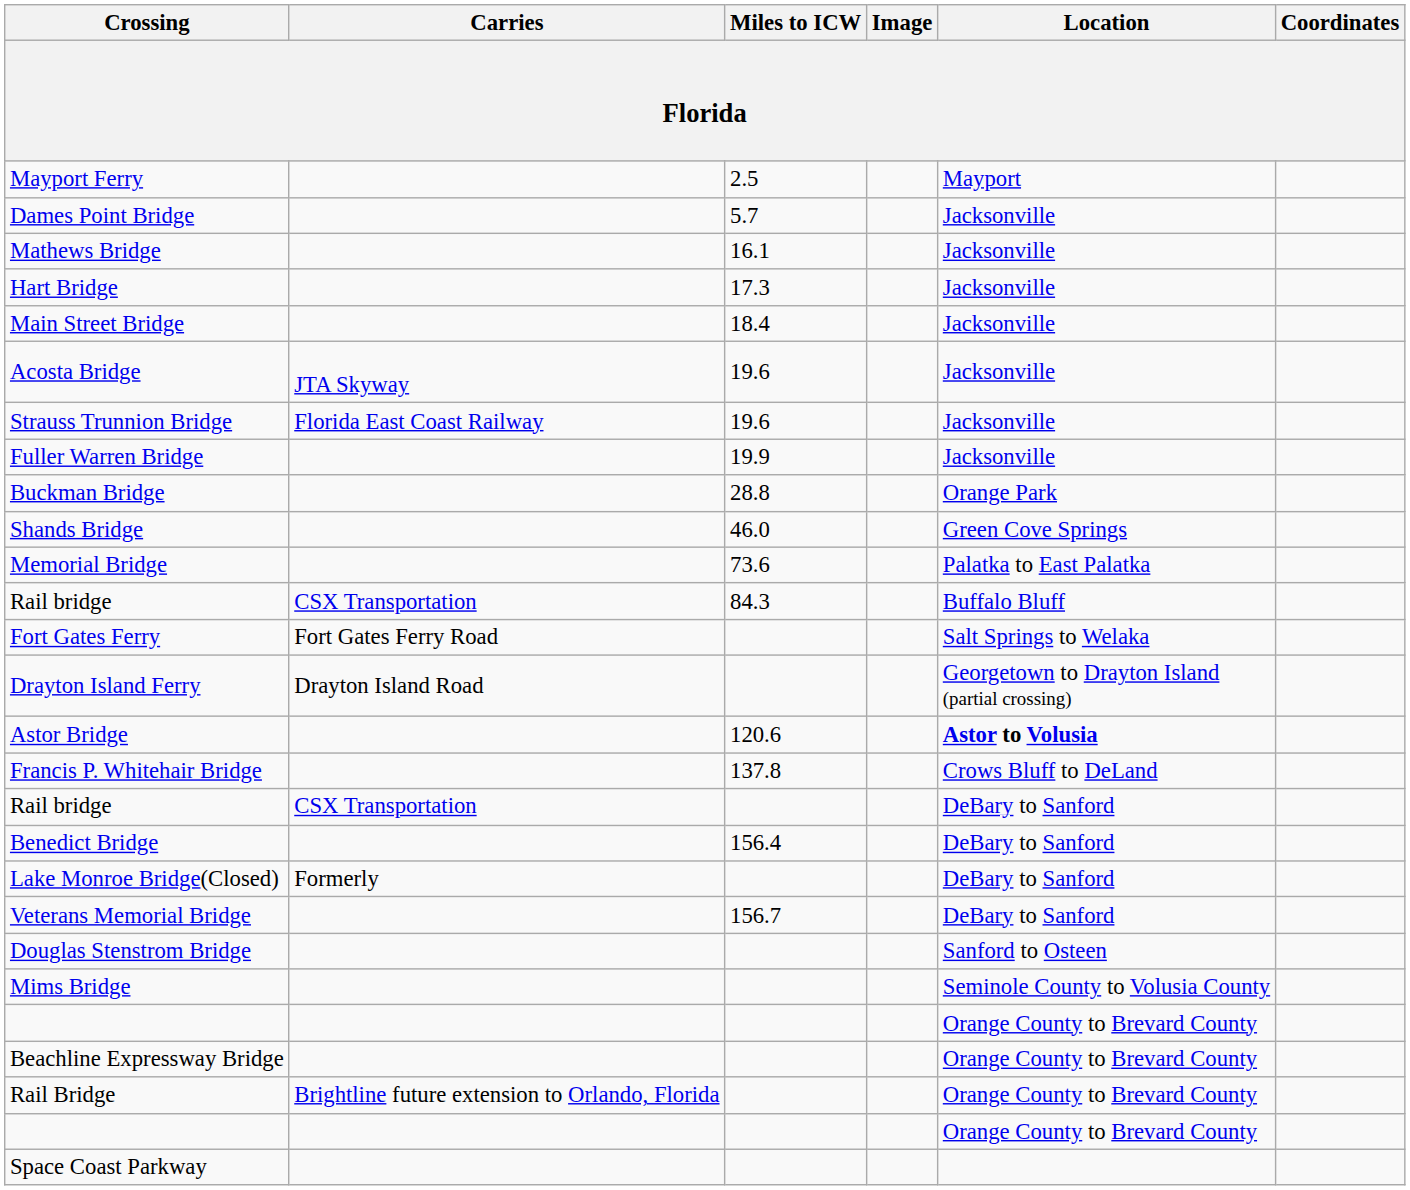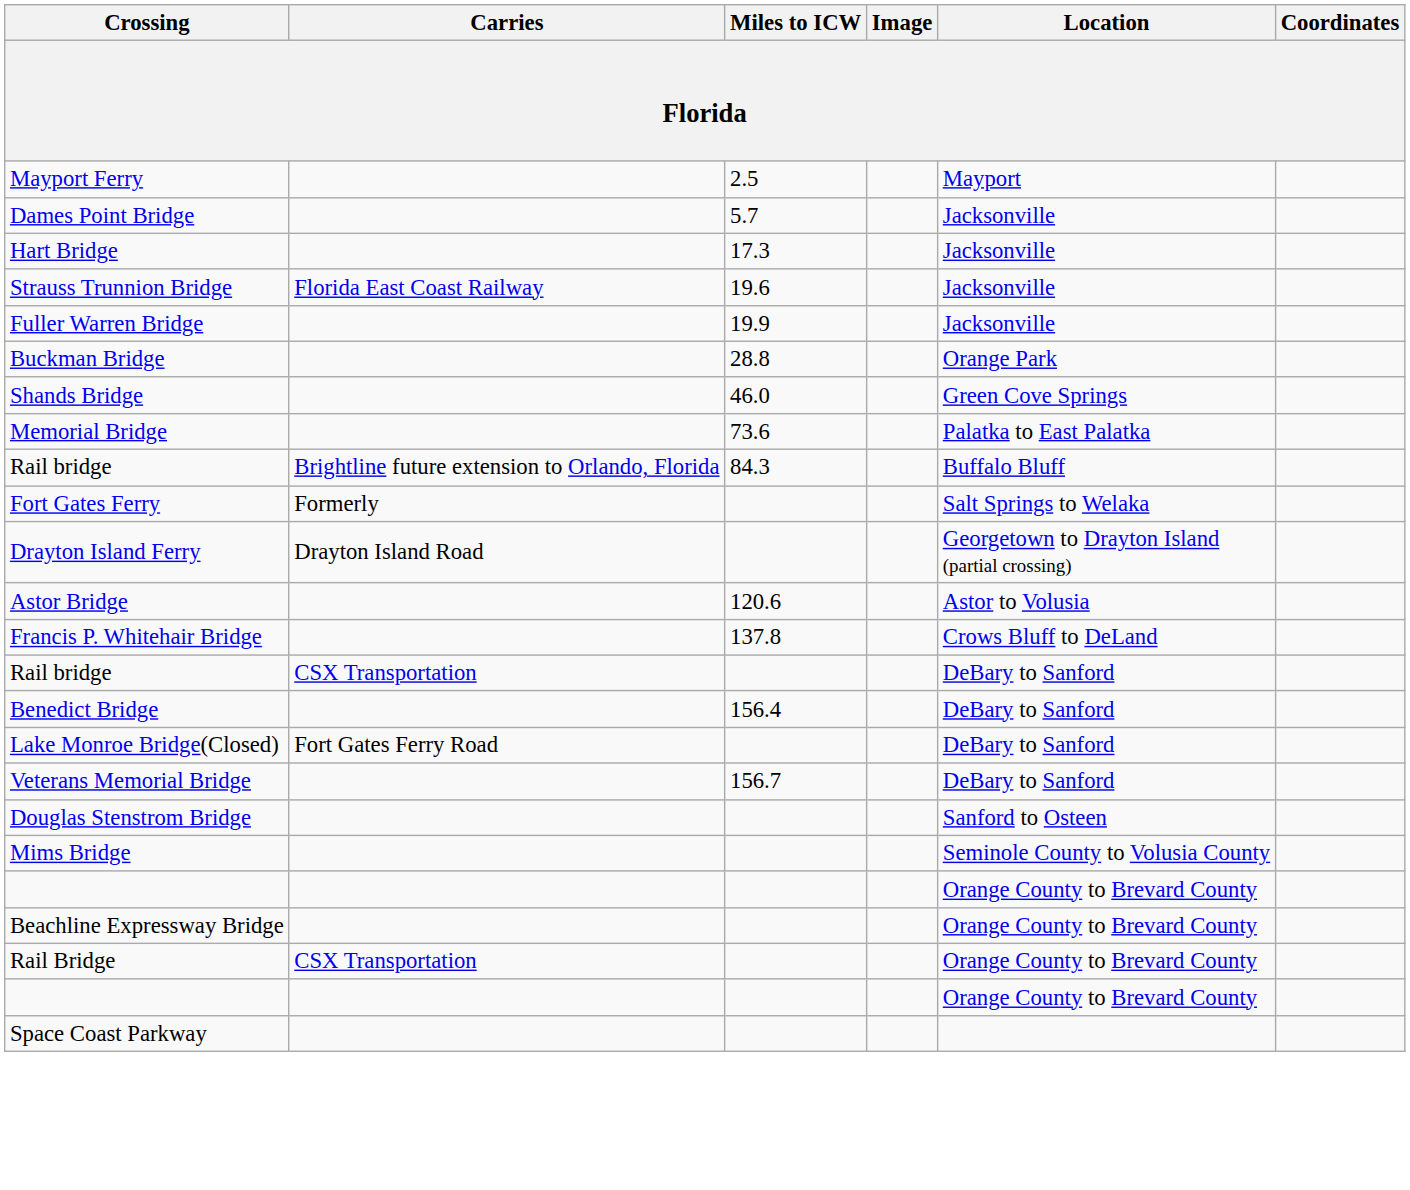 <table class=wikitable>
 <tr>
 <th>Crossing</th>
 <th>Carries</th>
 <th>Miles to ICW</th>
 <th>Image</th>
 <th>Location</th>
 <th>Coordinates</th>
 </tr>
 <tr>
 <th colspan=6><br><h3>Florida</h3></th>
 </tr>
 <tr>
 <td><a href='#'>Mayport Ferry</a></td>
 <td></td>
 <td>2.5</td>
 <td></td>
 <td><a href='#'>Mayport</a></td>
 <td></td>
 </tr>
 <tr>
 <td><a href='#'>Dames Point Bridge</a></td>
 <td></td>
 <td>5.7</td>
 <td></td>
 <td><a href='#'>Jacksonville</a></td>
 <td></td>
 </tr>
 <tr>
-<td><a href='#'>Mathews Bridge</a></td>
-<td></td>
-<td>16.1</td>
-<td></td>
-<td><a href='#'>Jacksonville</a></td>
-<td></td>
-</tr>
-<tr>
 <td><a href='#'>Hart Bridge</a></td>
 <td></td>
 <td>17.3</td>
-<td></td>
-<td><a href='#'>Jacksonville</a></td>
-<td></td>
-</tr>
-<tr>
-<td><a href='#'>Main Street Bridge</a></td>
-<td></td>
-<td>18.4</td>
-<td></td>
-<td><a href='#'>Jacksonville</a></td>
-<td></td>
-</tr>
-<tr>
-<td><a href='#'>Acosta Bridge</a></td>
-<td><br><a href='#'>JTA Skyway</a></td>
-<td>19.6</td>
 <td></td>
 <td><a href='#'>Jacksonville</a></td>
 <td></td>
 </tr>
 <tr>
 <td><a href='#'>Strauss Trunnion Bridge</a></td>
 <td><a href='#'>Florida East Coast Railway</a></td>
 <td>19.6</td>
 <td></td>
 <td><a href='#'>Jacksonville</a></td>
 <td></td>
 </tr>
 <tr>
 <td><a href='#'>Fuller Warren Bridge</a></td>
 <td></td>
 <td>19.9</td>
 <td></td>
 <td><a href='#'>Jacksonville</a></td>
 <td></td>
 </tr>
 <tr>
 <td><a href='#'>Buckman Bridge</a></td>
 <td></td>
 <td>28.8</td>
 <td></td>
 <td><a href='#'>Orange Park</a></td>
 <td></td>
 </tr>
 <tr>
 <td><a href='#'>Shands Bridge</a></td>
 <td></td>
 <td>46.0</td>
 <td></td>
 <td><a href='#'>Green Cove Springs</a></td>
 <td></td>
 </tr>
 <tr>
 <td><a href='#'>Memorial Bridge</a></td>
 <td></td>
 <td>73.6</td>
 <td></td>
 <td><a href='#'>Palatka</a> to <a href='#'>East Palatka</a></td>
 <td></td>
 </tr>
 <tr>
 <td>Rail bridge</td>
-<td><a href='#'>CSX Transportation</a></td>
+<td><a href='#'>Brightline</a> future extension to <a href='#'>Orlando, Florida</a></td>
 <td>84.3</td>
 <td></td>
 <td><a href='#'>Buffalo Bluff</a></td>
 <td></td>
 </tr>
 <tr>
 <td><a href='#'>Fort Gates Ferry</a></td>
-<td>Fort Gates Ferry Road</td>
+<td>Formerly </td>
 <td></td>
 <td></td>
 <td><a href='#'>Salt Springs</a> to <a href='#'>Welaka</a></td>
 <td></td>
 </tr>
 <tr>
 <td><a href='#'>Drayton Island Ferry</a></td>
 <td>Drayton Island Road</td>
 <td></td>
 <td></td>
 <td><a href='#'>Georgetown</a> to <a href='#'>Drayton Island</a><br><small>(partial crossing)</small></td>
 <td></td>
 </tr>
 <tr>
 <td><a href='#'>Astor Bridge</a></td>
 <td></td>
 <td>120.6</td>
 <td></td>
-<td><strong><a href='#'>Astor</a> to <a href='#'>Volusia</a></strong></td>
+<td><a href='#'>Astor</a> to <a href='#'>Volusia</a></td>
 <td></td>
 </tr>
 <tr>
 <td><a href='#'>Francis P. Whitehair Bridge</a></td>
 <td></td>
 <td>137.8</td>
 <td></td>
 <td><a href='#'>Crows Bluff</a> to <a href='#'>DeLand</a></td>
 <td></td>
 </tr>
 <tr>
 <td>Rail bridge</td>
 <td><a href='#'>CSX Transportation</a></td>
 <td></td>
 <td></td>
 <td><a href='#'>DeBary</a> to <a href='#'>Sanford</a></td>
 <td></td>
 </tr>
 <tr>
 <td><a href='#'>Benedict Bridge</a></td>
 <td></td>
 <td>156.4</td>
 <td></td>
 <td><a href='#'>DeBary</a> to <a href='#'>Sanford</a></td>
 <td></td>
 </tr>
 <tr>
 <td><a href='#'>Lake Monroe Bridge</a>(Closed)</td>
-<td>Formerly </td>
+<td>Fort Gates Ferry Road</td>
 <td></td>
 <td></td>
 <td><a href='#'>DeBary</a> to <a href='#'>Sanford</a></td>
 <td></td>
 </tr>
 <tr>
 <td><a href='#'>Veterans Memorial Bridge</a></td>
 <td></td>
 <td>156.7</td>
 <td></td>
 <td><a href='#'>DeBary</a> to <a href='#'>Sanford</a></td>
 <td></td>
 </tr>
 <tr>
 <td><a href='#'>Douglas Stenstrom Bridge</a></td>
 <td></td>
 <td></td>
 <td></td>
 <td><a href='#'>Sanford</a> to <a href='#'>Osteen</a></td>
 <td></td>
 </tr>
 <tr>
 <td><a href='#'>Mims Bridge</a></td>
 <td></td>
 <td></td>
 <td></td>
 <td><a href='#'>Seminole County</a> to <a href='#'>Volusia County</a></td>
 <td></td>
 </tr>
 <tr>
 <td></td>
 <td></td>
 <td></td>
 <td></td>
 <td><a href='#'>Orange County</a> to <a href='#'>Brevard County</a></td>
 <td></td>
 </tr>
 <tr>
 <td>Beachline Expressway Bridge</td>
 <td></td>
 <td></td>
 <td></td>
 <td><a href='#'>Orange County</a> to <a href='#'>Brevard County</a></td>
 <td></td>
 </tr>
 <tr>
 <td>Rail Bridge</td>
-<td><a href='#'>Brightline</a> future extension to <a href='#'>Orlando, Florida</a></td>
+<td><a href='#'>CSX Transportation</a></td>
 <td></td>
 <td></td>
 <td><a href='#'>Orange County</a> to <a href='#'>Brevard County</a></td>
 <td></td>
 </tr>
 <tr>
 <td></td>
 <td></td>
 <td></td>
 <td></td>
 <td><a href='#'>Orange County</a> to <a href='#'>Brevard County</a></td>
 <td></td>
 </tr>
 <tr>
 <td>Space Coast Parkway</td>
 <td></td>
 <td></td>
 <td></td>
 <td></td>
 <td></td>
 </tr>
 </table>
